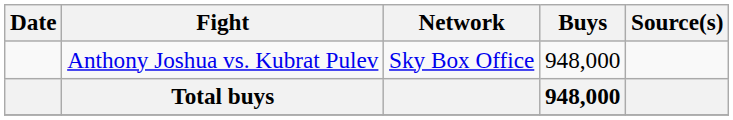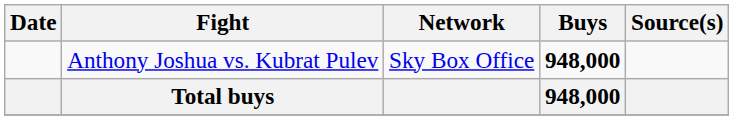 <table class="wikitable sortable">
 <tr>
 <th>Date</th>
 <th>Fight</th>
 <th>Network</th>
 <th>Buys</th>
 <th class="unsortable">Source(s)</th>
 </tr>
 <tr>
 <td></td>
 <td><a href='#'>Anthony Joshua vs. Kubrat Pulev</a></td>
 <td><a href='#'>Sky Box Office</a></td>
-<td>948,000</td>
+<td><strong>948,000</strong></td>
 <td></td>
 </tr>
 <tr>
 <th></th>
 <th>Total buys</th>
 <th></th>
 <th>948,000</th>
 <th></th>
 </tr>
 <tr>
 </tr>
 </table>
